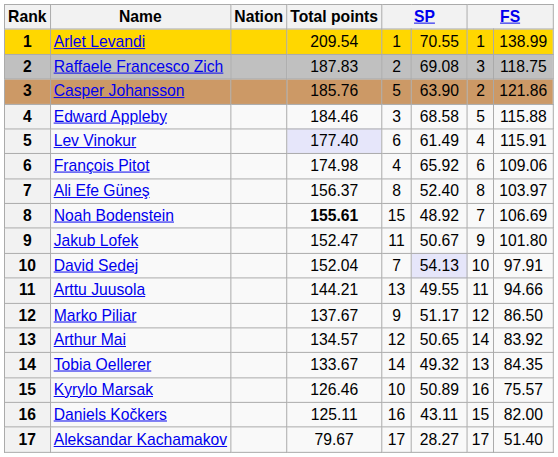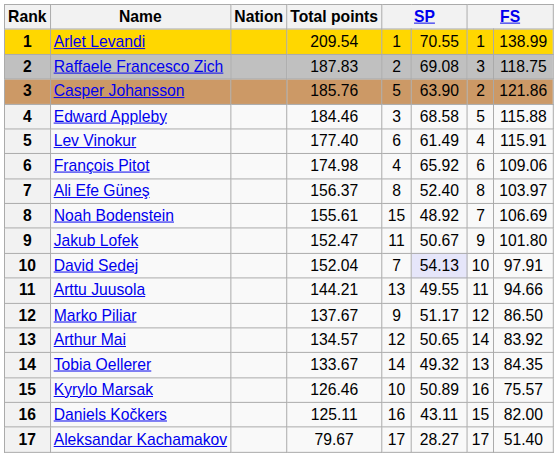 <table class="wikitable sortable" style="text-align:center;">
 <tr>
 <th>Rank</th>
 <th>Name</th>
 <th>Nation</th>
 <th>Total points</th>
 <th colspan="2" width="80px"><a href='#'>SP</a></th>
 <th colspan="2" width="80px"><a href='#'>FS</a></th>
 </tr>
 <tr bgcolor="gold">
 <td><strong>1</strong></td>
 <td align="left"><a href='#'>Arlet Levandi</a></td>
 <td align="left"></td>
 <td>209.54</td>
 <td>1</td>
 <td>70.55</td>
 <td>1</td>
 <td>138.99</td>
 </tr>
 <tr bgcolor="silver">
 <td><strong>2</strong></td>
 <td align="left"><a href='#'>Raffaele Francesco Zich</a></td>
 <td align="left"></td>
 <td>187.83</td>
 <td>2</td>
 <td>69.08</td>
 <td>3</td>
 <td>118.75</td>
 </tr>
 <tr bgcolor="CC9966">
 <td><strong>3</strong></td>
 <td align="left"><a href='#'>Casper Johansson</a></td>
 <td align="left"></td>
 <td>185.76</td>
 <td>5</td>
 <td>63.90</td>
 <td>2</td>
 <td>121.86</td>
 </tr>
 <tr>
 <th>4</th>
 <td align="left"><a href='#'>Edward Appleby</a></td>
 <td align="left"></td>
 <td>184.46</td>
 <td>3</td>
 <td>68.58</td>
 <td>5</td>
 <td>115.88</td>
 </tr>
 <tr>
 <th>5</th>
 <td align="left"><a href='#'>Lev Vinokur</a></td>
 <td align="left"></td>
-<td style="background: lavender;">177.40</td>
+<td>177.40</td>
 <td>6</td>
 <td>61.49</td>
 <td>4</td>
 <td>115.91</td>
 </tr>
 <tr>
 <th>6</th>
 <td align="left"><a href='#'>François Pitot</a></td>
 <td align="left"></td>
 <td>174.98</td>
 <td>4</td>
 <td>65.92</td>
 <td>6</td>
 <td>109.06</td>
 </tr>
 <tr>
 <th>7</th>
 <td align="left"><a href='#'>Ali Efe Güneş</a></td>
 <td align="left"></td>
 <td>156.37</td>
 <td>8</td>
 <td>52.40</td>
 <td>8</td>
 <td>103.97</td>
 </tr>
 <tr>
 <th>8</th>
 <td align="left"><a href='#'>Noah Bodenstein</a></td>
 <td align="left"></td>
-<td><strong>155.61</strong></td>
+<td>155.61</td>
 <td>15</td>
 <td>48.92</td>
 <td>7</td>
 <td>106.69</td>
 </tr>
 <tr>
 <th>9</th>
 <td align="left"><a href='#'>Jakub Lofek</a></td>
 <td align="left"></td>
 <td>152.47</td>
 <td>11</td>
 <td>50.67</td>
 <td>9</td>
 <td>101.80</td>
 </tr>
 <tr>
 <th>10</th>
 <td align="left"><a href='#'>David Sedej</a></td>
 <td align="left"></td>
 <td>152.04</td>
 <td>7</td>
 <td style="background: lavender;">54.13</td>
 <td>10</td>
 <td>97.91</td>
 </tr>
 <tr>
 <th>11</th>
 <td align="left"><a href='#'>Arttu Juusola</a></td>
 <td align="left"></td>
 <td>144.21</td>
 <td>13</td>
 <td>49.55</td>
 <td>11</td>
 <td>94.66</td>
 </tr>
 <tr>
 <th>12</th>
 <td align="left"><a href='#'>Marko Piliar</a></td>
 <td align="left"></td>
 <td>137.67</td>
 <td>9</td>
 <td>51.17</td>
 <td>12</td>
 <td>86.50</td>
 </tr>
 <tr>
 <th>13</th>
 <td align="left"><a href='#'>Arthur Mai</a></td>
 <td align="left"></td>
 <td>134.57</td>
 <td>12</td>
 <td>50.65</td>
 <td>14</td>
 <td>83.92</td>
 </tr>
 <tr>
 <th>14</th>
 <td align="left"><a href='#'>Tobia Oellerer</a></td>
 <td align="left"></td>
 <td>133.67</td>
 <td>14</td>
 <td>49.32</td>
 <td>13</td>
 <td>84.35</td>
 </tr>
 <tr>
 <th>15</th>
 <td align="left"><a href='#'>Kyrylo Marsak</a></td>
 <td align="left"></td>
 <td>126.46</td>
 <td>10</td>
 <td>50.89</td>
 <td>16</td>
 <td>75.57</td>
 </tr>
 <tr>
 <th>16</th>
 <td align="left"><a href='#'>Daniels Kočkers</a></td>
 <td align="left"></td>
 <td>125.11</td>
 <td>16</td>
 <td>43.11</td>
 <td>15</td>
 <td>82.00</td>
 </tr>
 <tr>
 <th>17</th>
 <td align="left"><a href='#'>Aleksandar Kachamakov</a></td>
 <td align="left"></td>
 <td>79.67</td>
 <td>17</td>
 <td>28.27</td>
 <td>17</td>
 <td>51.40</td>
 </tr>
 </table>
